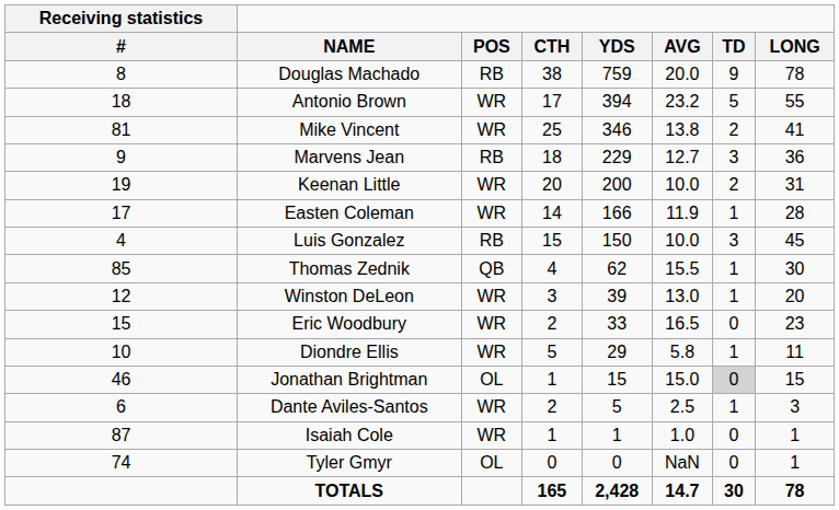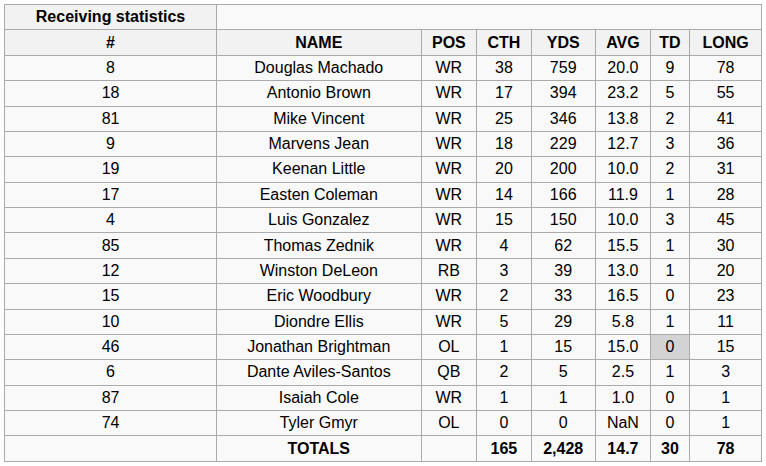 <table style="width:60%; text-align:center;" class="wikitable collapsible collapsed">
 <tr>
 <th style="text-align:center; ">Receiving statistics</th>
 </tr>
 <tr>
 <th>#</th>
 <th>NAME</th>
 <th>POS</th>
 <th>CTH</th>
 <th>YDS</th>
 <th>AVG</th>
 <th>TD</th>
 <th>LONG</th>
 </tr>
 <tr>
 <td>8</td>
 <td>Douglas Machado</td>
-<td>RB</td>
+<td>WR</td>
 <td>38</td>
 <td>759</td>
 <td>20.0</td>
 <td>9</td>
 <td>78</td>
 </tr>
 <tr>
 <td>18</td>
 <td>Antonio Brown</td>
 <td>WR</td>
 <td>17</td>
 <td>394</td>
 <td>23.2</td>
 <td>5</td>
 <td>55</td>
 </tr>
 <tr>
 <td>81</td>
 <td>Mike Vincent</td>
 <td>WR</td>
 <td>25</td>
 <td>346</td>
 <td>13.8</td>
 <td>2</td>
 <td>41</td>
 </tr>
 <tr>
 <td>9</td>
 <td>Marvens Jean</td>
-<td>RB</td>
+<td>WR</td>
 <td>18</td>
 <td>229</td>
 <td>12.7</td>
 <td>3</td>
 <td>36</td>
 </tr>
 <tr>
 <td>19</td>
 <td>Keenan Little</td>
 <td>WR</td>
 <td>20</td>
 <td>200</td>
 <td>10.0</td>
 <td>2</td>
 <td>31</td>
 </tr>
 <tr>
 <td>17</td>
 <td>Easten Coleman</td>
 <td>WR</td>
 <td>14</td>
 <td>166</td>
 <td>11.9</td>
 <td>1</td>
 <td>28</td>
 </tr>
 <tr>
 <td>4</td>
 <td>Luis Gonzalez</td>
-<td>RB</td>
+<td>WR</td>
 <td>15</td>
 <td>150</td>
 <td>10.0</td>
 <td>3</td>
 <td>45</td>
 </tr>
 <tr>
 <td>85</td>
 <td>Thomas Zednik</td>
-<td>QB</td>
+<td>WR</td>
 <td>4</td>
 <td>62</td>
 <td>15.5</td>
 <td>1</td>
 <td>30</td>
 </tr>
 <tr>
 <td>12</td>
 <td>Winston DeLeon</td>
-<td>WR</td>
+<td>RB</td>
 <td>3</td>
 <td>39</td>
 <td>13.0</td>
 <td>1</td>
 <td>20</td>
 </tr>
 <tr>
 <td>15</td>
 <td>Eric Woodbury</td>
 <td>WR</td>
 <td>2</td>
 <td>33</td>
 <td>16.5</td>
 <td>0</td>
 <td>23</td>
 </tr>
 <tr>
 <td>10</td>
 <td>Diondre Ellis</td>
 <td>WR</td>
 <td>5</td>
 <td>29</td>
 <td>5.8</td>
 <td>1</td>
 <td>11</td>
 </tr>
 <tr>
 <td>46</td>
 <td>Jonathan Brightman</td>
 <td>OL</td>
 <td>1</td>
 <td>15</td>
 <td>15.0</td>
 <td style="background: lightgrey;">0</td>
 <td>15</td>
 </tr>
 <tr>
 <td>6</td>
 <td>Dante Aviles-Santos</td>
-<td>WR</td>
+<td>QB</td>
 <td>2</td>
 <td>5</td>
 <td>2.5</td>
 <td>1</td>
 <td>3</td>
 </tr>
 <tr>
 <td>87</td>
 <td>Isaiah Cole</td>
 <td>WR</td>
 <td>1</td>
 <td>1</td>
 <td>1.0</td>
 <td>0</td>
 <td>1</td>
 </tr>
 <tr>
 <td>74</td>
 <td>Tyler Gmyr</td>
 <td>OL</td>
 <td>0</td>
 <td>0</td>
 <td>NaN</td>
 <td>0</td>
 <td>1</td>
 </tr>
 <tr>
 <td></td>
 <td><strong>TOTALS</strong></td>
 <td></td>
 <td><strong>165</strong></td>
 <td><strong>2,428</strong></td>
 <td><strong>14.7</strong></td>
 <td><strong>30</strong></td>
 <td><strong>78</strong></td>
 </tr>
 </table>
